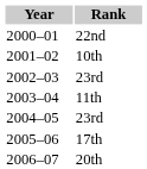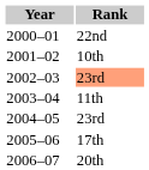 <table style="border:'1' 'solid' 'gray' " width="150">
 <tr>
 <th width="64" bgcolor="#CCCCCC">Year</th>
 <th width="64" bgcolor="#CCCCCC">Rank</th>
 </tr>
 <tr>
 <td width="64">2000–01</td>
 <td width="64">22nd</td>
 </tr>
 <tr>
 <td width="64">2001–02</td>
 <td width="64">10th</td>
 </tr>
 <tr>
 <td width="64">2002–03</td>
-<td width="64">23rd</td>
+<td width="64" style="background: lightsalmon;">23rd</td>
 </tr>
 <tr>
 <td width="64">2003–04</td>
 <td width="64">11th</td>
 </tr>
 <tr>
 <td width="64">2004–05</td>
 <td width="64">23rd</td>
 </tr>
 <tr>
 <td width="64">2005–06</td>
 <td width="64">17th</td>
 </tr>
 <tr>
 <td width="64">2006–07</td>
 <td width="64">20th</td>
 </tr>
 </table>
